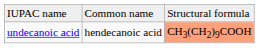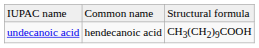 <table class="wikitable">
 <tr bgcolor="#efefef">
 <td>IUPAC name</td>
 <td>Common name</td>
 <td>Structural formula</td>
 </tr>
 <tr>
 <td><a href='#'>undecanoic acid</a></td>
 <td>hendecanoic acid</td>
-<td style="background: lightsalmon;">CH<sub>3</sub>(CH<sub>2</sub>)<sub>9</sub>COOH</td>
+<td>CH<sub>3</sub>(CH<sub>2</sub>)<sub>9</sub>COOH</td>
 </tr>
 </table>
